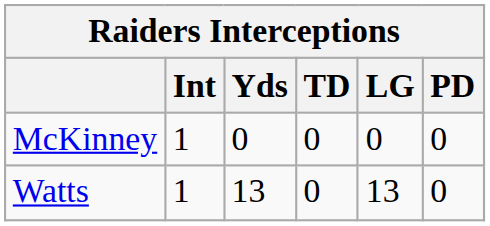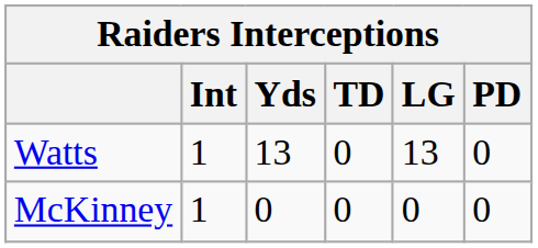 <table class="wikitable">
 <tr>
 <th colspan="6">Raiders Interceptions</th>
 </tr>
 <tr>
 <th></th>
 <th>Int</th>
 <th>Yds</th>
 <th>TD</th>
 <th>LG</th>
 <th>PD</th>
 </tr>
 <tr>
+<td><a href='#'>Watts</a></td>
+<td>1</td>
+<td>13</td>
+<td>0</td>
+<td>13</td>
+<td>0</td>
+</tr>
+<tr>
 <td><a href='#'>McKinney</a></td>
 <td>1</td>
 <td>0</td>
 <td>0</td>
 <td>0</td>
 <td>0</td>
 </tr>
-<tr>
-<td><a href='#'>Watts</a></td>
-<td>1</td>
-<td>13</td>
-<td>0</td>
-<td>13</td>
-<td>0</td>
-</tr>
 </table>
